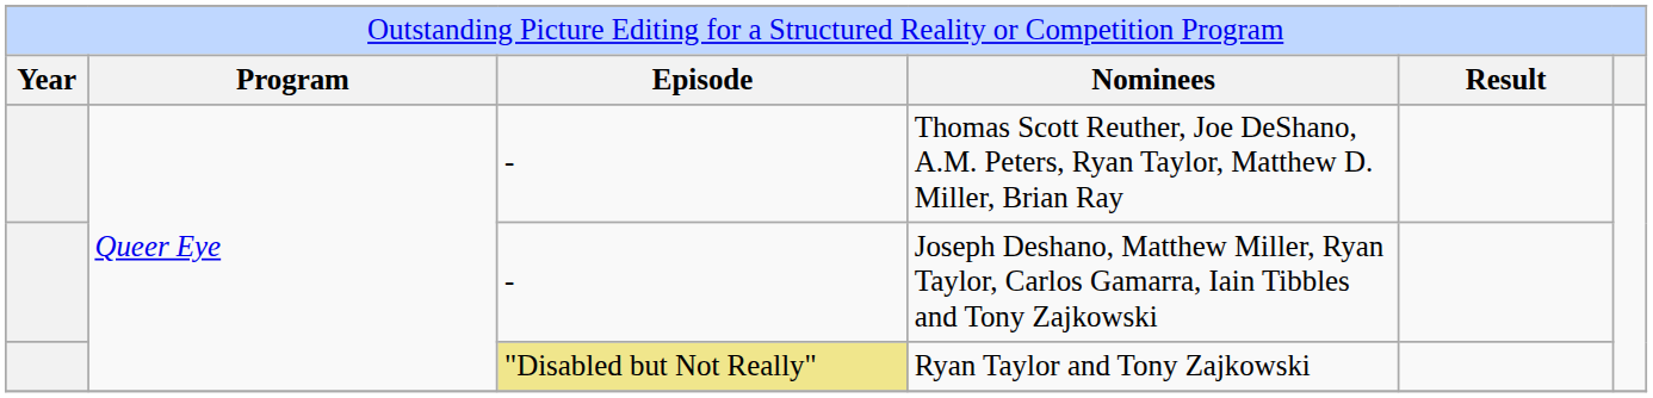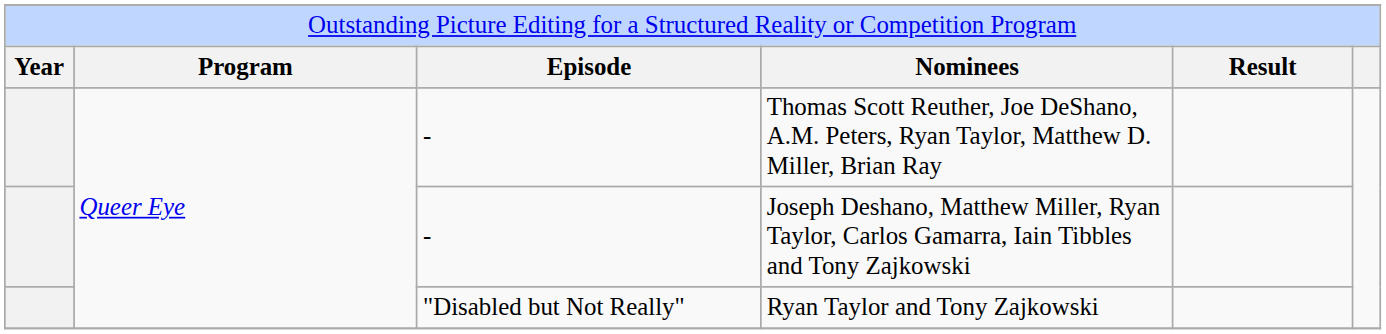 <table class="wikitable plainrowheaders" style="font-size: 90%" width=90%>
 <tr>
 </tr>
 <tr ---- bgcolor="#bfd7ff">
 <td colspan=6 align=center><a href='#'>Outstanding Picture Editing for a Structured Reality or Competition Program</a></td>
 </tr>
 <tr ---- bgcolor="#ebf5ff">
 <th width="5%">Year</th>
 <th width="25%">Program</th>
 <th width="25%">Episode</th>
 <th width="30%">Nominees</th>
 <th width="13%">Result</th>
 <th width="5%"></th>
 </tr>
 <tr>
 <th scope=row></th>
 <td rowspan="3"><em><a href='#'>Queer Eye</a></em></td>
 <td>-</td>
 <td>Thomas Scott Reuther, Joe DeShano, A.M. Peters, Ryan Taylor, Matthew D. Miller, Brian Ray</td>
 <td></td>
 <td rowspan="3"></td>
 </tr>
 <tr>
 <th scope=row></th>
 <td>-</td>
 <td>Joseph Deshano, Matthew Miller, Ryan Taylor, Carlos Gamarra, Iain Tibbles and Tony Zajkowski</td>
 <td></td>
 </tr>
 <tr>
 <th scope=row></th>
-<td style="background: khaki;">"Disabled but Not Really"</td>
+<td>"Disabled but Not Really"</td>
 <td>Ryan Taylor and Tony Zajkowski</td>
 <td></td>
 </tr>
 <tr>
 </tr>
 </table>
